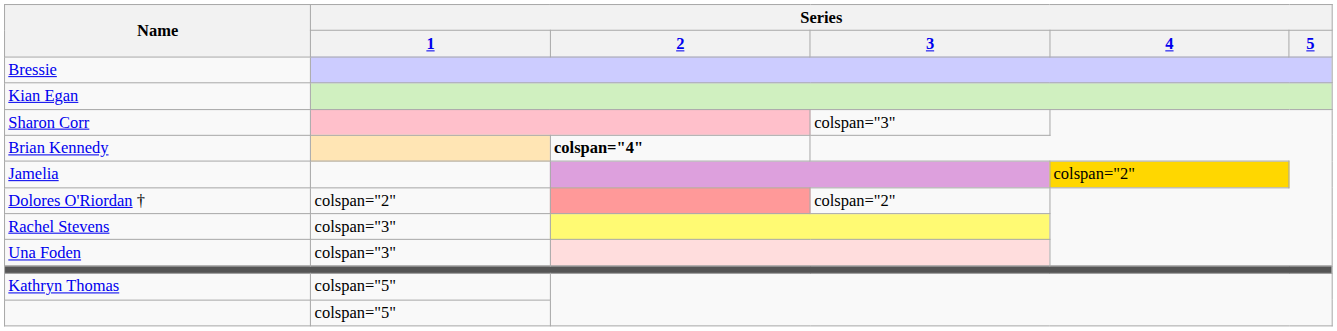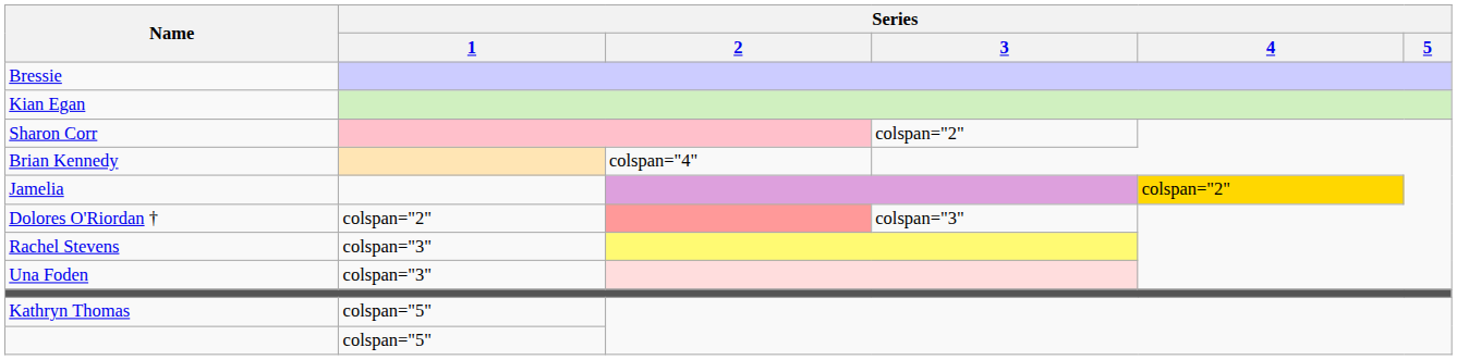 <table class="wikitable plainrowheaders" style="width:65%">
 <tr>
 <th scope="col" style="width:15%" rowspan="2">Name</th>
 <th scope="col" style="width:50%" colspan="5">Series</th>
 </tr>
 <tr>
 <th><a href='#'>1</a></th>
 <th><a href='#'>2</a></th>
 <th><a href='#'>3</a></th>
 <th><a href='#'>4</a></th>
 <th><a href='#'>5</a></th>
 </tr>
 <tr>
 <td><a href='#'>Bressie</a></td>
 <td colspan="5" style="background:#ccccff"></td>
 </tr>
 <tr>
 <td><a href='#'>Kian Egan</a></td>
 <td colspan="5" style="background:#d0f0c0"></td>
 </tr>
 <tr>
 <td><a href='#'>Sharon Corr</a></td>
 <td colspan="2" style="background:pink"></td>
-<td>colspan="3" </td>
+<td>colspan="2" </td>
 </tr>
 <tr>
 <td><a href='#'>Brian Kennedy</a></td>
 <td style="background:#ffe5b4"></td>
-<td><strong>colspan="4" </strong></td>
+<td>colspan="4" </td>
 </tr>
 <tr>
 <td><a href='#'>Jamelia</a></td>
 <td></td>
 <td colspan="2" style="background:#dda0dd"></td>
 <td style="background: gold;">colspan="2" </td>
 </tr>
 <tr>
 <td><a href='#'>Dolores O'Riordan</a> †</td>
 <td>colspan="2" </td>
 <td style="background:#ff9999"></td>
-<td>colspan="2" </td>
+<td>colspan="3" </td>
 </tr>
 <tr>
 <td><a href='#'>Rachel Stevens</a></td>
 <td>colspan="3" </td>
 <td colspan="2" style="background:#fffa73"></td>
 </tr>
 <tr>
 <td><a href='#'>Una Foden</a></td>
 <td>colspan="3" </td>
 <td colspan="2" style="background:#ffdddd"></td>
 </tr>
 <tr>
 <td colspan="10" style="background:#555"></td>
 </tr>
 <tr>
 <td><a href='#'>Kathryn Thomas</a></td>
 <td>colspan="5" </td>
 </tr>
 <tr>
 <td></td>
 <td>colspan="5" </td>
 </tr>
 </table>
